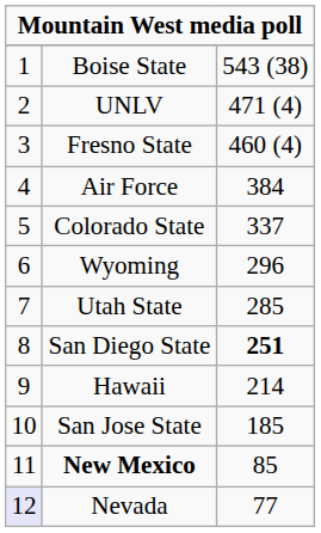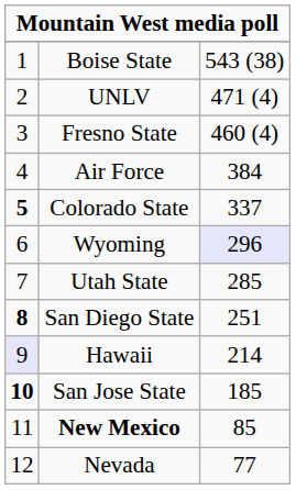 <table class="wikitable" style="display: inline-table;">
 <tr>
 <td align="center" Colspan="3"><strong>Mountain West media poll</strong></td>
 </tr>
 <tr align="center">
 </tr>
 <tr align="center">
 <td>1</td>
 <td>Boise State</td>
 <td>543 (38)</td>
 </tr>
 <tr align="center">
 <td>2</td>
 <td>UNLV</td>
 <td>471 (4)</td>
 </tr>
 <tr align="center">
 <td>3</td>
 <td>Fresno State</td>
 <td>460 (4)</td>
 </tr>
 <tr align="center">
 <td>4</td>
 <td>Air Force</td>
 <td>384</td>
 </tr>
 <tr align="center">
-<td>5</td>
+<td><strong>5</strong></td>
 <td>Colorado State</td>
 <td>337</td>
 </tr>
 <tr align="center">
 <td>6</td>
 <td>Wyoming</td>
-<td>296</td>
+<td style="background: lavender;">296</td>
 </tr>
 <tr align="center">
 <td>7</td>
 <td>Utah State</td>
 <td>285</td>
 </tr>
 <tr align="center">
-<td>8</td>
+<td><strong>8</strong></td>
 <td>San Diego State</td>
-<td><strong>251</strong></td>
+<td>251</td>
 </tr>
 <tr align="center">
-<td>9</td>
+<td style="background: lavender;">9</td>
 <td>Hawaii</td>
 <td>214</td>
 </tr>
 <tr align="center">
-<td>10</td>
+<td><strong>10</strong></td>
 <td>San Jose State</td>
 <td>185</td>
 </tr>
 <tr align="center">
 <td>11</td>
 <td><strong>New Mexico</strong></td>
 <td>85</td>
 </tr>
 <tr align="center">
-<td style="background: lavender;">12</td>
+<td>12</td>
 <td>Nevada</td>
 <td>77</td>
 </tr>
 </table>
